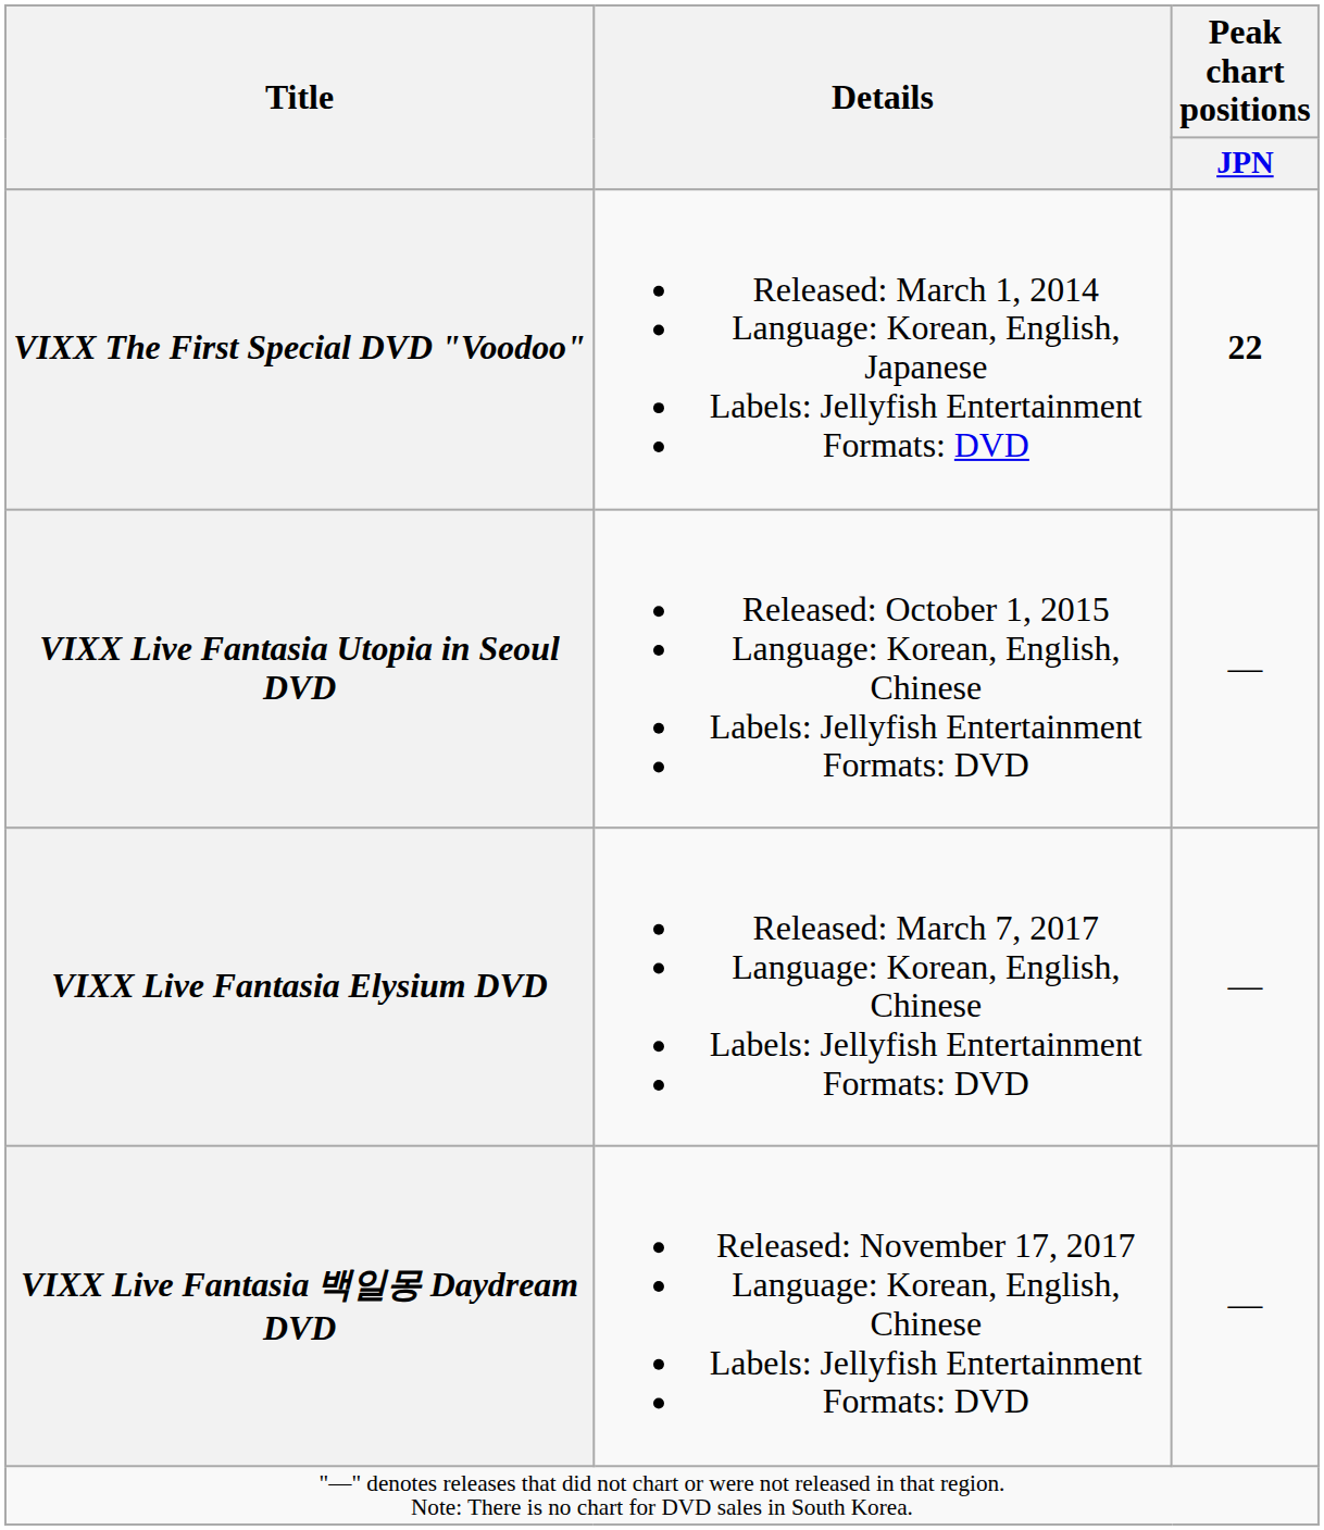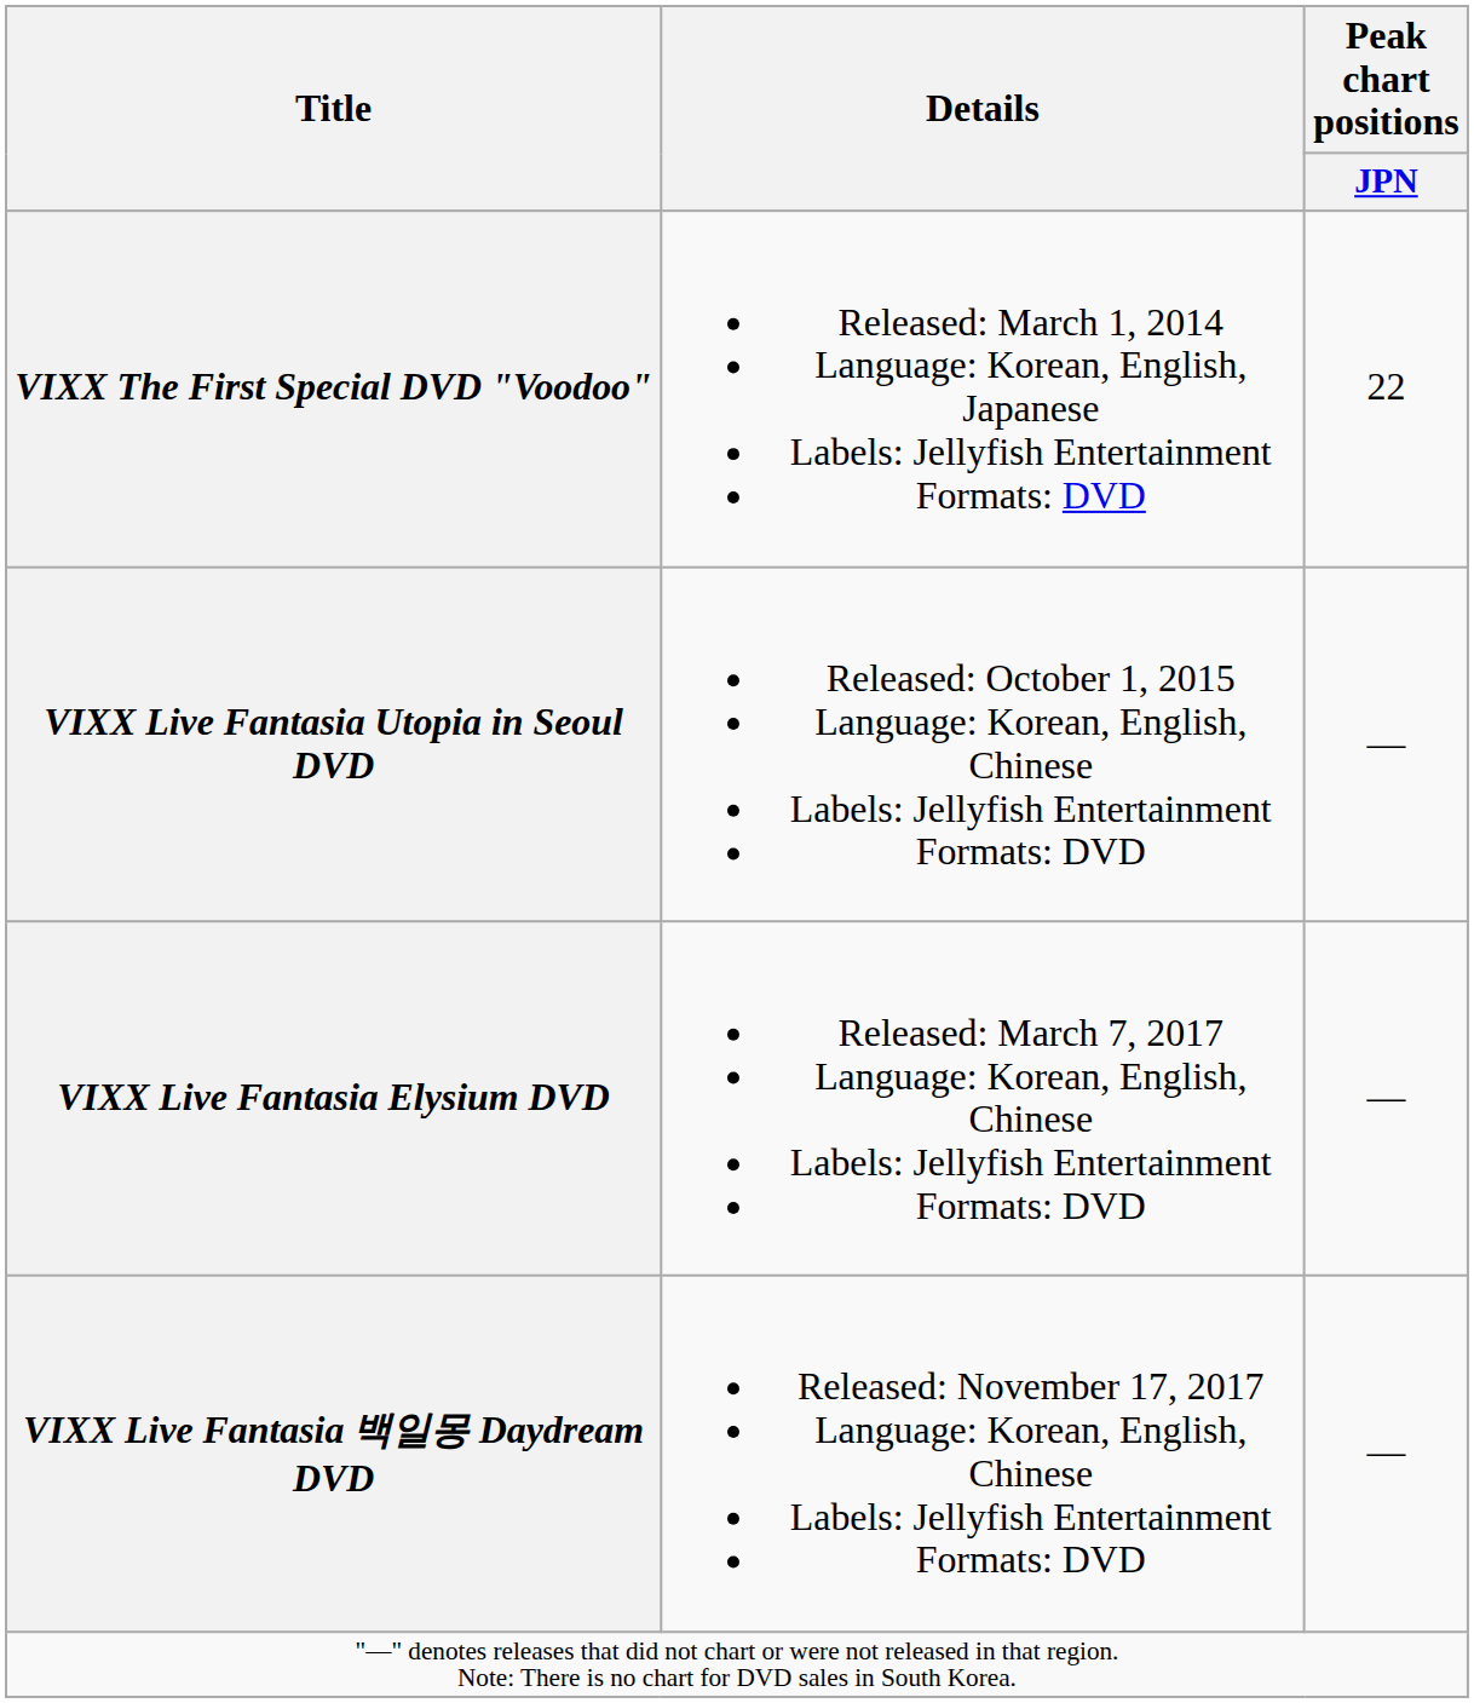 <table class="wikitable plainrowheaders" style="text-align:center;">
 <tr>
 <th rowspan="2">Title</th>
 <th rowspan="2">Details</th>
 <th colspan="1">Peak<br>chart<br>positions</th>
 </tr>
 <tr>
 <th scope="col" style="width:3em;font-size:90%;"><a href='#'>JPN</a><br></th>
 </tr>
 <tr>
 <th scope="row"><em>VIXX The First Special DVD "Voodoo"</em></th>
 <td><br><ul><li>Released: March 1, 2014</li><li>Language: Korean, English, Japanese</li><li>Labels: Jellyfish Entertainment</li><li>Formats: <a href='#'>DVD</a></li></ul></td>
-<td><strong>22</strong></td>
+<td>22</td>
 </tr>
 <tr>
 <th scope="row"><em>VIXX Live Fantasia Utopia in Seoul DVD</em></th>
 <td><br><ul><li>Released: October 1, 2015</li><li>Language: Korean, English, Chinese</li><li>Labels: Jellyfish Entertainment</li><li>Formats: DVD</li></ul></td>
 <td>—</td>
 </tr>
 <tr>
 <th scope="row"><em>VIXX Live Fantasia Elysium DVD</em></th>
 <td><br><ul><li>Released: March 7, 2017</li><li>Language: Korean, English, Chinese</li><li>Labels: Jellyfish Entertainment</li><li>Formats: DVD</li></ul></td>
 <td>—</td>
 </tr>
 <tr>
 <th scope="row"><em>VIXX Live Fantasia 백일몽 Daydream DVD</em></th>
 <td><br><ul><li>Released: November 17, 2017</li><li>Language: Korean, English, Chinese</li><li>Labels: Jellyfish Entertainment</li><li>Formats: DVD</li></ul></td>
 <td>—</td>
 </tr>
 <tr>
 <td colspan="5" style="font-size:8pt;">"—" denotes releases that did not chart or were not released in that region.<br>Note: There is no chart for DVD sales in South Korea.</td>
 </tr>
 </table>
